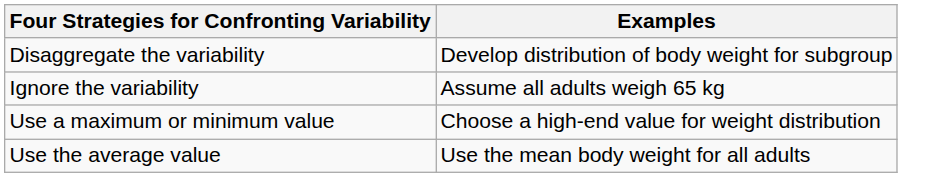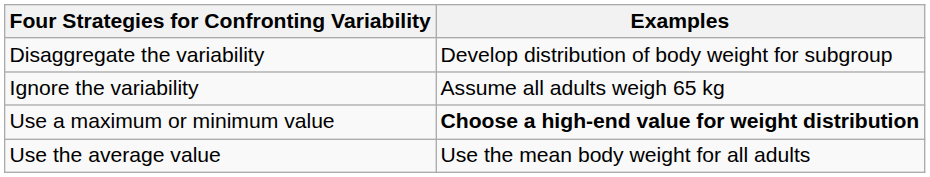 <table class="wikitable">
 <tr>
 <th>Four Strategies for Confronting Variability</th>
 <th>Examples</th>
 </tr>
 <tr>
 <td>Disaggregate the variability</td>
 <td>Develop distribution of body weight for subgroup</td>
 </tr>
 <tr>
 <td>Ignore the variability</td>
 <td>Assume all adults weigh 65 kg</td>
 </tr>
 <tr>
 <td>Use a maximum or minimum value</td>
-<td>Choose a high-end value for weight distribution</td>
+<td><strong>Choose a high-end value for weight distribution</strong></td>
 </tr>
 <tr>
 <td>Use the average value</td>
 <td>Use the mean body weight for all adults</td>
 </tr>
 </table>
